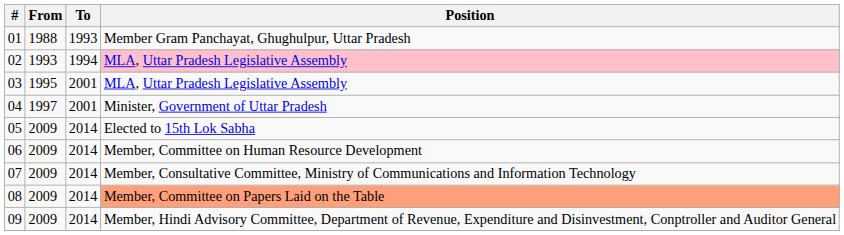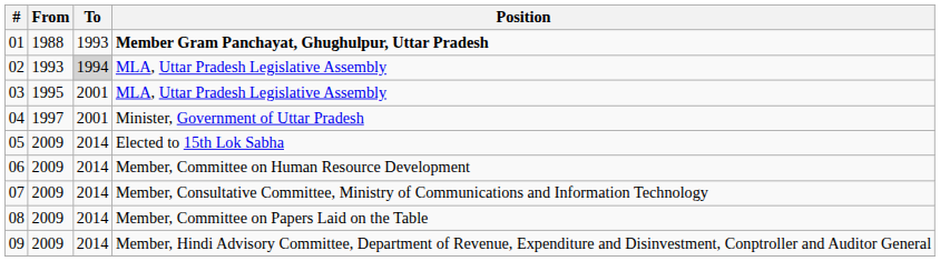 <table class="wikitable sortable">
 <tr>
 <th>#</th>
 <th>From</th>
 <th>To</th>
 <th>Position</th>
 </tr>
 <tr>
 <td>01</td>
 <td>1988</td>
 <td>1993</td>
-<td>Member Gram Panchayat, Ghughulpur, Uttar Pradesh</td>
+<td><strong>Member Gram Panchayat, Ghughulpur, Uttar Pradesh</strong></td>
 </tr>
 <tr>
 <td>02</td>
 <td>1993</td>
-<td>1994</td>
-<td style="background: pink;"><a href='#'>MLA</a>, <a href='#'>Uttar Pradesh Legislative Assembly</a></td>
+<td style="background: lightgrey;">1994</td>
+<td><a href='#'>MLA</a>, <a href='#'>Uttar Pradesh Legislative Assembly</a></td>
 </tr>
 <tr>
 <td>03</td>
 <td>1995</td>
 <td>2001</td>
 <td><a href='#'>MLA</a>, <a href='#'>Uttar Pradesh Legislative Assembly</a></td>
 </tr>
 <tr>
 <td>04</td>
 <td>1997</td>
 <td>2001</td>
 <td>Minister, <a href='#'>Government of Uttar Pradesh</a></td>
 </tr>
 <tr>
 <td>05</td>
 <td>2009</td>
 <td>2014</td>
 <td>Elected to <a href='#'>15th Lok Sabha</a></td>
 </tr>
 <tr>
 <td>06</td>
 <td>2009</td>
 <td>2014</td>
 <td>Member, Committee on Human Resource Development</td>
 </tr>
 <tr>
 <td>07</td>
 <td>2009</td>
 <td>2014</td>
 <td>Member, Consultative Committee, Ministry of Communications and Information Technology</td>
 </tr>
 <tr>
 <td>08</td>
 <td>2009</td>
 <td>2014</td>
-<td style="background: lightsalmon;">Member, Committee on Papers Laid on the Table</td>
+<td>Member, Committee on Papers Laid on the Table</td>
 </tr>
 <tr>
 <td>09</td>
 <td>2009</td>
 <td>2014</td>
 <td>Member, Hindi Advisory Committee, Department of Revenue, Expenditure and Disinvestment, Conptroller and Auditor General</td>
 </tr>
 <tr>
 </tr>
 </table>
